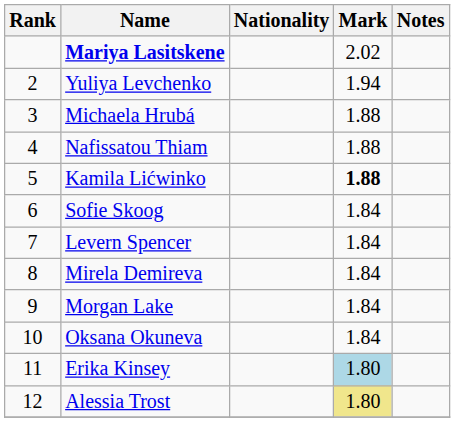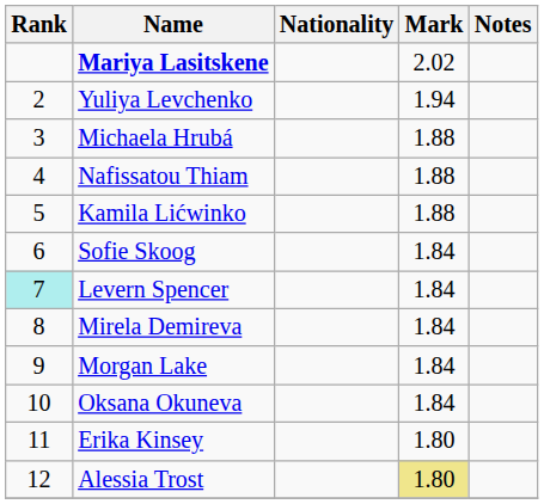 <table class="wikitable sortable" style="text-align:center">
 <tr>
 <th>Rank</th>
 <th>Name</th>
 <th>Nationality</th>
 <th>Mark</th>
 <th>Notes</th>
 </tr>
 <tr>
 <td></td>
 <td align=left><strong><a href='#'>Mariya Lasitskene</a></strong></td>
 <td align=left><strong></strong></td>
 <td>2.02</td>
 <td></td>
 </tr>
 <tr>
 <td>2</td>
 <td align=left><a href='#'>Yuliya Levchenko</a></td>
 <td align=left></td>
 <td>1.94</td>
 <td></td>
 </tr>
 <tr>
 <td>3</td>
 <td align=left><a href='#'>Michaela Hrubá</a></td>
 <td align=left></td>
 <td>1.88</td>
 <td></td>
 </tr>
 <tr>
 <td>4</td>
 <td align=left><a href='#'>Nafissatou Thiam</a></td>
 <td align=left></td>
 <td>1.88</td>
 <td></td>
 </tr>
 <tr>
 <td>5</td>
 <td align=left><a href='#'>Kamila Lićwinko</a></td>
 <td align=left></td>
-<td><strong>1.88</strong></td>
+<td>1.88</td>
 <td></td>
 </tr>
 <tr>
 <td>6</td>
 <td align=left><a href='#'>Sofie Skoog</a></td>
 <td align=left></td>
 <td>1.84</td>
 <td></td>
 </tr>
 <tr>
-<td>7</td>
+<td style="background: paleturquoise;">7</td>
 <td align=left><a href='#'>Levern Spencer</a></td>
 <td align=left></td>
 <td>1.84</td>
 <td></td>
 </tr>
 <tr>
 <td>8</td>
 <td align=left><a href='#'>Mirela Demireva</a></td>
 <td align=left></td>
 <td>1.84</td>
 <td></td>
 </tr>
 <tr>
 <td>9</td>
 <td align=left><a href='#'>Morgan Lake</a></td>
 <td align=left></td>
 <td>1.84</td>
 <td></td>
 </tr>
 <tr>
 <td>10</td>
 <td align=left><a href='#'>Oksana Okuneva</a></td>
 <td align=left></td>
 <td>1.84</td>
 <td></td>
 </tr>
 <tr>
 <td>11</td>
 <td align=left><a href='#'>Erika Kinsey</a></td>
 <td align=left></td>
-<td style="background: lightblue;">1.80</td>
+<td>1.80</td>
 <td></td>
 </tr>
 <tr>
 <td>12</td>
 <td align=left><a href='#'>Alessia Trost</a></td>
 <td align=left></td>
 <td style="background: khaki;">1.80</td>
 <td></td>
 </tr>
 <tr>
 </tr>
 </table>
